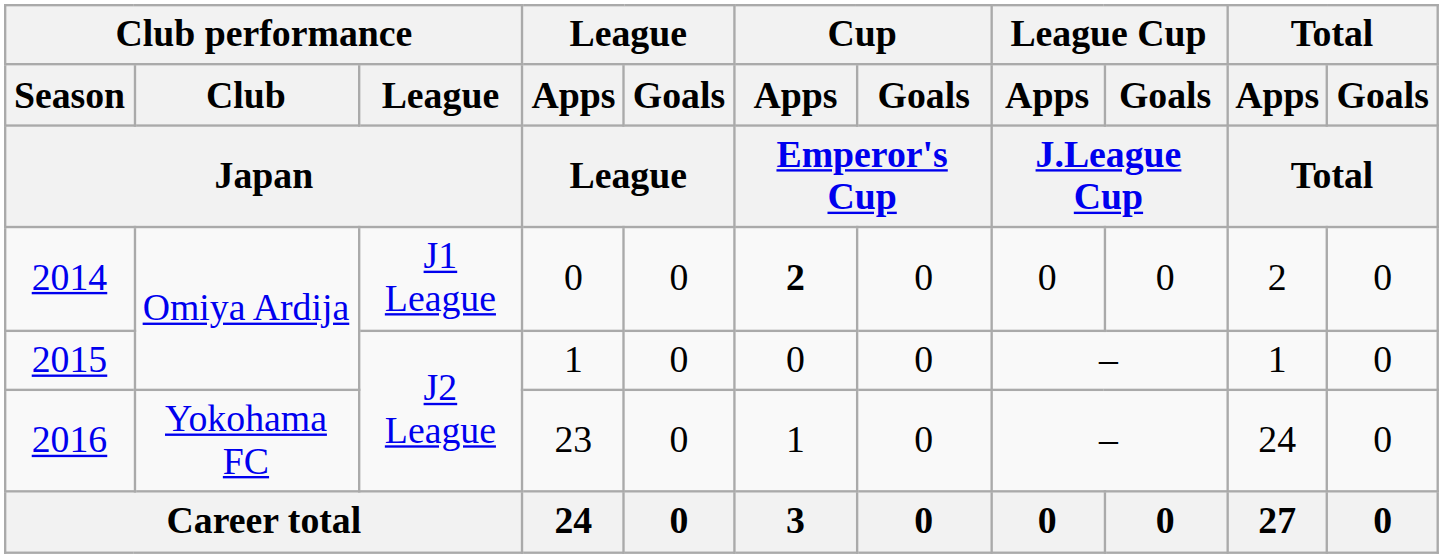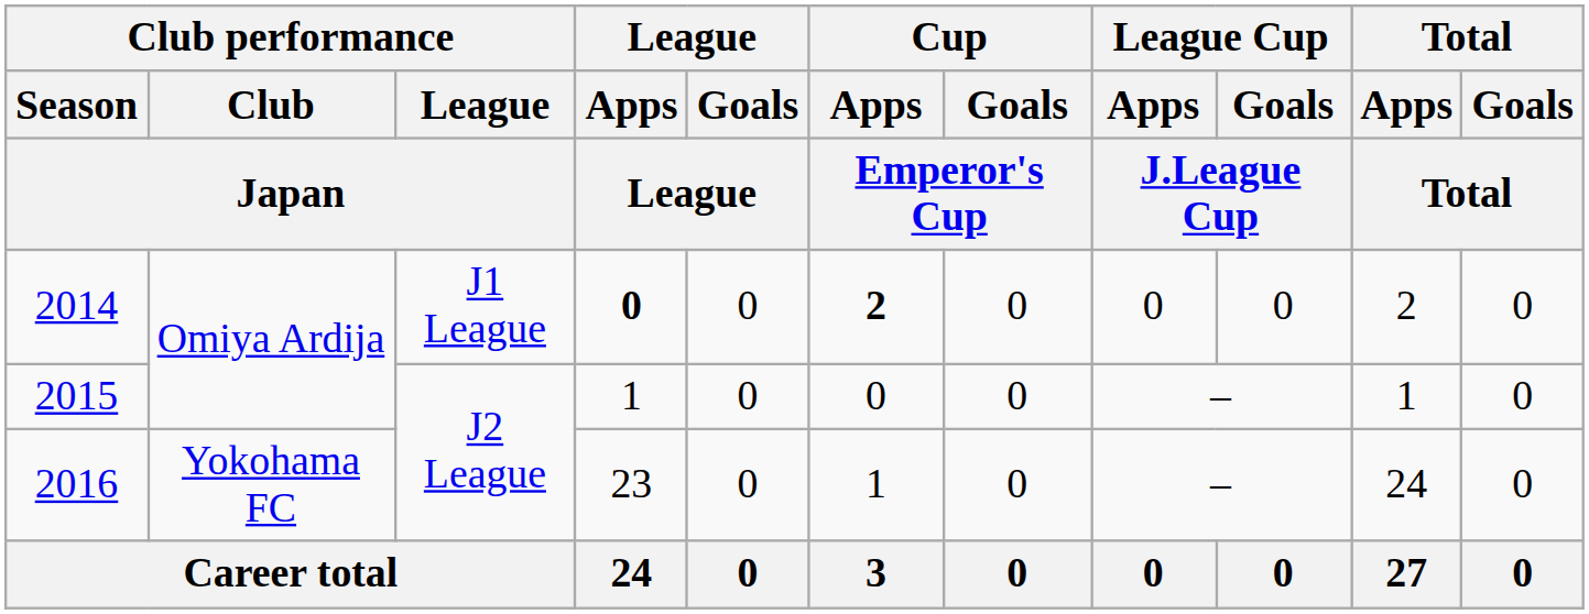 <table class="wikitable" style="text-align:center">
 <tr>
 <th colspan=3>Club performance</th>
 <th colspan=2>League</th>
 <th colspan=2>Cup</th>
 <th colspan=2>League Cup</th>
 <th colspan=2>Total</th>
 </tr>
 <tr>
 <th>Season</th>
 <th>Club</th>
 <th>League</th>
 <th>Apps</th>
 <th>Goals</th>
 <th>Apps</th>
 <th>Goals</th>
 <th>Apps</th>
 <th>Goals</th>
 <th>Apps</th>
 <th>Goals</th>
 </tr>
 <tr>
 <th colspan=3>Japan</th>
 <th colspan=2>League</th>
 <th colspan=2><a href='#'>Emperor's Cup</a></th>
 <th colspan=2><a href='#'>J.League Cup</a></th>
 <th colspan=2>Total</th>
 </tr>
 <tr>
 <td><a href='#'>2014</a></td>
 <td rowspan="2"><a href='#'>Omiya Ardija</a></td>
 <td><a href='#'>J1 League</a></td>
-<td>0</td>
+<td><strong>0</strong></td>
 <td>0</td>
 <td><strong>2</strong></td>
 <td>0</td>
 <td>0</td>
 <td>0</td>
 <td>2</td>
 <td>0</td>
 </tr>
 <tr>
 <td><a href='#'>2015</a></td>
 <td rowspan="2"><a href='#'>J2 League</a></td>
 <td>1</td>
 <td>0</td>
 <td>0</td>
 <td>0</td>
 <td colspan="2">–</td>
 <td>1</td>
 <td>0</td>
 </tr>
 <tr>
 <td><a href='#'>2016</a></td>
 <td rowspan="1"><a href='#'>Yokohama FC</a></td>
 <td>23</td>
 <td>0</td>
 <td>1</td>
 <td>0</td>
 <td colspan="2">–</td>
 <td>24</td>
 <td>0</td>
 </tr>
 <tr>
 <th colspan=3>Career total</th>
 <th>24</th>
 <th>0</th>
 <th>3</th>
 <th>0</th>
 <th>0</th>
 <th>0</th>
 <th>27</th>
 <th>0</th>
 </tr>
 </table>
